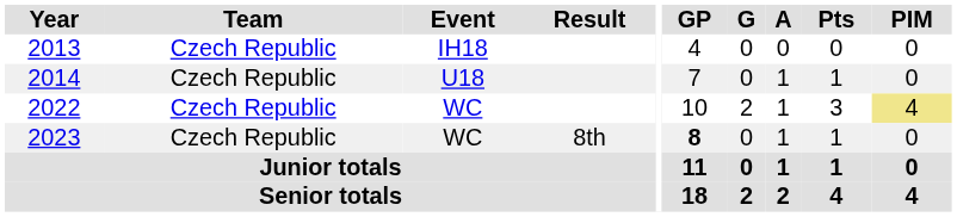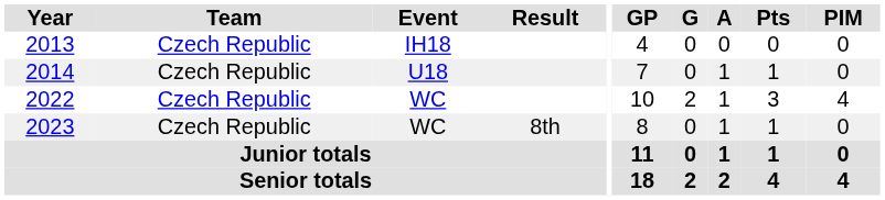 <table border="0" cellpadding="1" cellspacing="0" ID="Table3" style="text-align:center; width:40em;">
 <tr bgcolor="#e0e0e0">
 <th>Year</th>
 <th>Team</th>
 <th>Event</th>
 <th>Result</th>
 <th rowspan="99" bgcolor="#ffffff"></th>
 <th>GP</th>
 <th>G</th>
 <th>A</th>
 <th>Pts</th>
 <th>PIM</th>
 </tr>
 <tr>
 <td><a href='#'>2013</a></td>
 <td><a href='#'>Czech Republic</a></td>
 <td><a href='#'>IH18</a></td>
 <td></td>
 <td>4</td>
 <td>0</td>
 <td>0</td>
 <td>0</td>
 <td>0</td>
 </tr>
 <tr bgcolor="#f0f0f0">
 <td><a href='#'>2014</a></td>
 <td>Czech Republic</td>
 <td><a href='#'>U18</a></td>
 <td></td>
 <td>7</td>
 <td>0</td>
 <td>1</td>
 <td>1</td>
 <td>0</td>
 </tr>
 <tr>
 <td><a href='#'>2022</a></td>
 <td><a href='#'>Czech Republic</a></td>
 <td><a href='#'>WC</a></td>
 <td></td>
 <td>10</td>
 <td>2</td>
 <td>1</td>
 <td>3</td>
-<td style="background: khaki;">4</td>
+<td>4</td>
 </tr>
 <tr bgcolor="#f0f0f0">
 <td><a href='#'>2023</a></td>
 <td>Czech Republic</td>
 <td>WC</td>
 <td>8th</td>
-<td><strong>8</strong></td>
+<td>8</td>
 <td>0</td>
 <td>1</td>
 <td>1</td>
 <td>0</td>
 </tr>
 <tr bgcolor="#e0e0e0">
 <th colspan="4">Junior totals</th>
 <th>11</th>
 <th>0</th>
 <th>1</th>
 <th>1</th>
 <th>0</th>
 </tr>
 <tr bgcolor="#e0e0e0">
 <th colspan="4">Senior totals</th>
 <th>18</th>
 <th>2</th>
 <th>2</th>
 <th>4</th>
 <th>4</th>
 </tr>
 </table>
